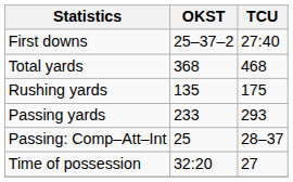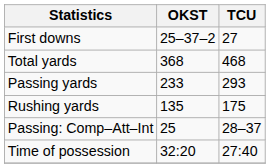 <table class="wikitable" style="float: left;">
 <tr>
 <th>Statistics</th>
 <th>OKST</th>
 <th>TCU</th>
 </tr>
 <tr>
 <td>First downs</td>
 <td>25–37–2</td>
-<td>27:40</td>
+<td>27</td>
 </tr>
 <tr>
 <td>Total yards</td>
 <td>368</td>
 <td>468</td>
 </tr>
 <tr>
+<td>Passing yards</td>
+<td>233</td>
+<td>293</td>
+</tr>
+<tr>
 <td>Rushing yards</td>
 <td>135</td>
 <td>175</td>
-</tr>
-<tr>
-<td>Passing yards</td>
-<td>233</td>
-<td>293</td>
 </tr>
 <tr>
 <td>Passing: Comp–Att–Int</td>
 <td>25</td>
 <td>28–37</td>
 </tr>
 <tr>
 <td>Time of possession</td>
 <td>32:20</td>
-<td>27</td>
+<td>27:40</td>
 </tr>
 <tr>
 </tr>
 </table>
